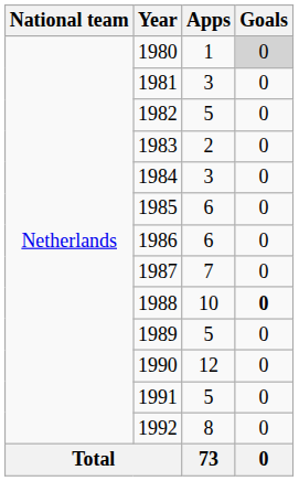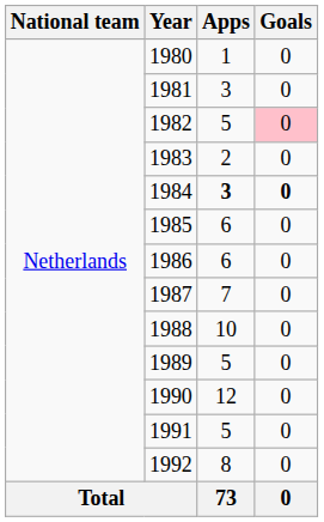 <table class="wikitable" style="text-align:center">
 <tr>
 <th>National team</th>
 <th>Year</th>
 <th>Apps</th>
 <th>Goals</th>
 </tr>
 <tr>
 <td rowspan="13"><a href='#'>Netherlands</a></td>
 <td>1980</td>
 <td>1</td>
-<td style="background: lightgrey;">0</td>
+<td>0</td>
 </tr>
 <tr>
 <td>1981</td>
 <td>3</td>
 <td>0</td>
 </tr>
 <tr>
 <td>1982</td>
 <td>5</td>
-<td>0</td>
+<td style="background: pink;">0</td>
 </tr>
 <tr>
 <td>1983</td>
 <td>2</td>
 <td>0</td>
 </tr>
 <tr>
 <td>1984</td>
-<td>3</td>
-<td>0</td>
+<td><strong>3</strong></td>
+<td><strong>0</strong></td>
 </tr>
 <tr>
 <td>1985</td>
 <td>6</td>
 <td>0</td>
 </tr>
 <tr>
 <td>1986</td>
 <td>6</td>
 <td>0</td>
 </tr>
 <tr>
 <td>1987</td>
 <td>7</td>
 <td>0</td>
 </tr>
 <tr>
 <td>1988</td>
 <td>10</td>
-<td><strong>0</strong></td>
+<td>0</td>
 </tr>
 <tr>
 <td>1989</td>
 <td>5</td>
 <td>0</td>
 </tr>
 <tr>
 <td>1990</td>
 <td>12</td>
 <td>0</td>
 </tr>
 <tr>
 <td>1991</td>
 <td>5</td>
 <td>0</td>
 </tr>
 <tr>
 <td>1992</td>
 <td>8</td>
 <td>0</td>
 </tr>
 <tr>
 <th colspan="2">Total</th>
 <th>73</th>
 <th>0</th>
 </tr>
 </table>
